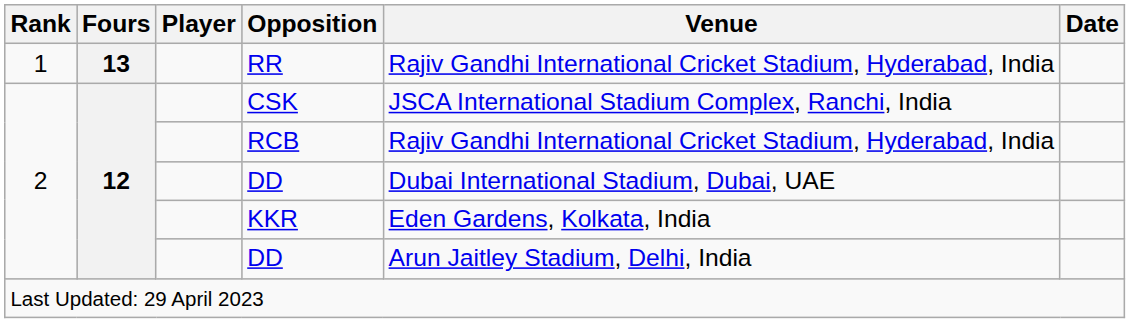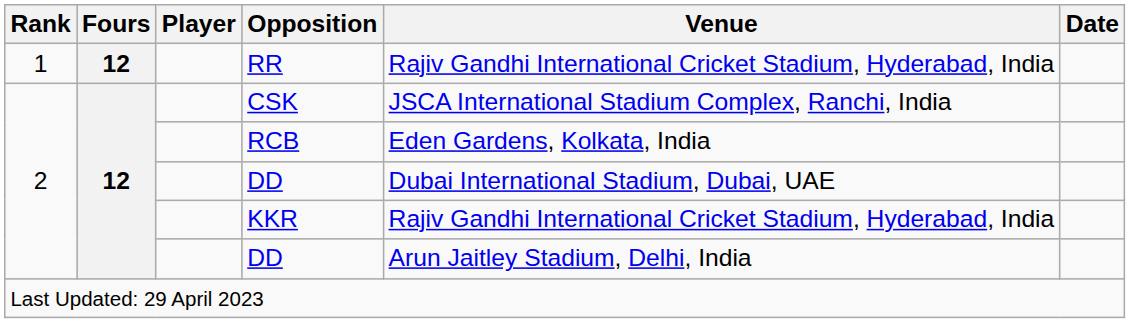 <table class="wikitable">
 <tr>
 <th style="text-align:center;">Rank</th>
 <th style="text-align:center;">Fours</th>
 <th style="text-align:center;">Player</th>
 <th style="text-align:center;">Opposition</th>
 <th style="text-align:center;">Venue</th>
 <th style="text-align:center;">Date</th>
 </tr>
 <tr>
 <td align=center>1</td>
-<th scope=row style=text-align:center;>13</th>
+<th scope=row style=text-align:center;>12</th>
 <td></td>
 <td><a href='#'>RR</a></td>
 <td><a href='#'>Rajiv Gandhi International Cricket Stadium</a>, <a href='#'>Hyderabad</a>, India</td>
 <td></td>
 </tr>
 <tr>
 <td align=center rowspan=5>2</td>
 <th scope=row style=text-align:center; rowspan=5>12</th>
 <td></td>
 <td><a href='#'>CSK</a></td>
 <td><a href='#'>JSCA International Stadium Complex</a>, <a href='#'>Ranchi</a>, India</td>
 <td></td>
 </tr>
 <tr>
 <td></td>
 <td><a href='#'>RCB</a></td>
-<td><a href='#'>Rajiv Gandhi International Cricket Stadium</a>, <a href='#'>Hyderabad</a>, India</td>
+<td><a href='#'>Eden Gardens</a>, <a href='#'>Kolkata</a>, India</td>
 <td></td>
 </tr>
 <tr>
 <td></td>
 <td><a href='#'>DD</a></td>
 <td><a href='#'>Dubai International Stadium</a>, <a href='#'>Dubai</a>, UAE</td>
 <td></td>
 </tr>
 <tr>
 <td></td>
 <td><a href='#'>KKR</a></td>
-<td><a href='#'>Eden Gardens</a>, <a href='#'>Kolkata</a>, India</td>
+<td><a href='#'>Rajiv Gandhi International Cricket Stadium</a>, <a href='#'>Hyderabad</a>, India</td>
 <td></td>
 </tr>
 <tr>
 <td></td>
 <td><a href='#'>DD</a></td>
 <td><a href='#'>Arun Jaitley Stadium</a>, <a href='#'>Delhi</a>, India</td>
 <td></td>
 </tr>
 <tr class=sortbottom>
 <td colspan=6><small>Last Updated: 29 April 2023</small></td>
 </tr>
 </table>
